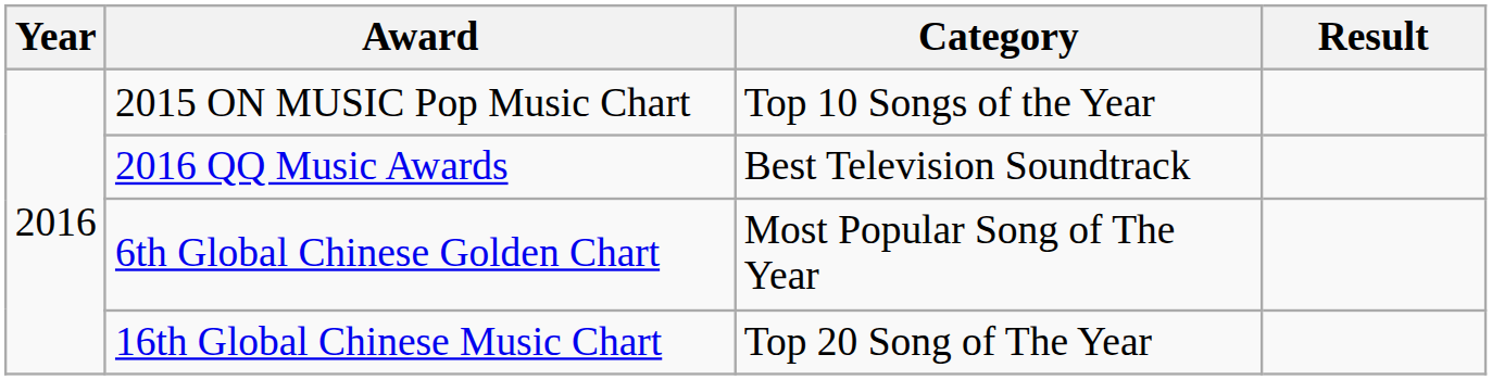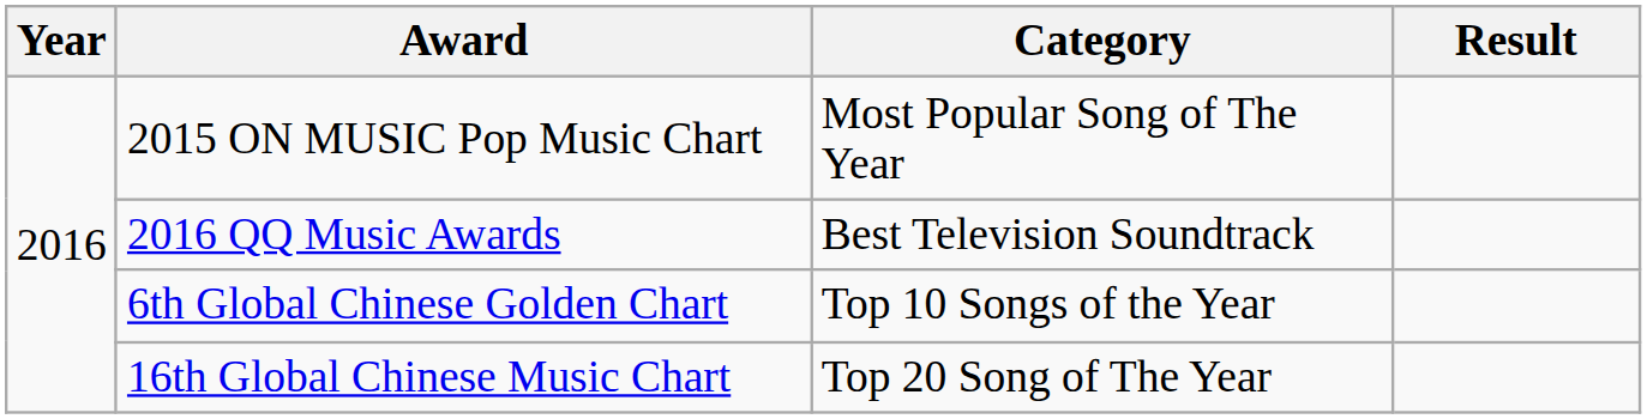 <table class="wikitable">
 <tr>
 <th width="30px">Year</th>
 <th width="240px">Award</th>
 <th width="200px">Category</th>
 <th width="80px">Result</th>
 </tr>
 <tr>
 <td rowspan="4">2016</td>
 <td>2015 ON MUSIC Pop Music Chart</td>
-<td>Top 10 Songs of the Year</td>
+<td>Most Popular Song of The Year</td>
 <td></td>
 </tr>
 <tr>
 <td><a href='#'>2016 QQ Music Awards</a></td>
 <td>Best Television Soundtrack</td>
 <td></td>
 </tr>
 <tr>
 <td><a href='#'>6th Global Chinese Golden Chart</a></td>
-<td>Most Popular Song of The Year</td>
+<td>Top 10 Songs of the Year</td>
 <td></td>
 </tr>
 <tr>
 <td><a href='#'>16th Global Chinese Music Chart</a></td>
 <td>Top 20 Song of The Year</td>
 <td></td>
 </tr>
 </table>
